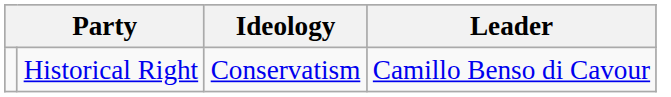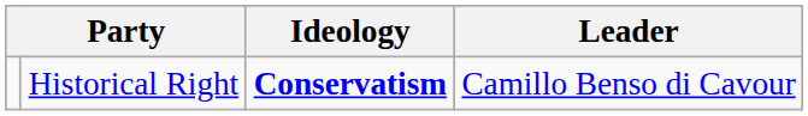 <table class=wikitable style="font-size:100%">
 <tr>
 <th colspan=2>Party</th>
 <th>Ideology</th>
 <th>Leader</th>
 </tr>
 <tr>
 <td style="color:inherit;background:"></td>
 <td><a href='#'>Historical Right</a></td>
-<td><a href='#'>Conservatism</a></td>
+<td><strong><a href='#'>Conservatism</a></strong></td>
 <td><a href='#'>Camillo Benso di Cavour</a></td>
 </tr>
 </table>
